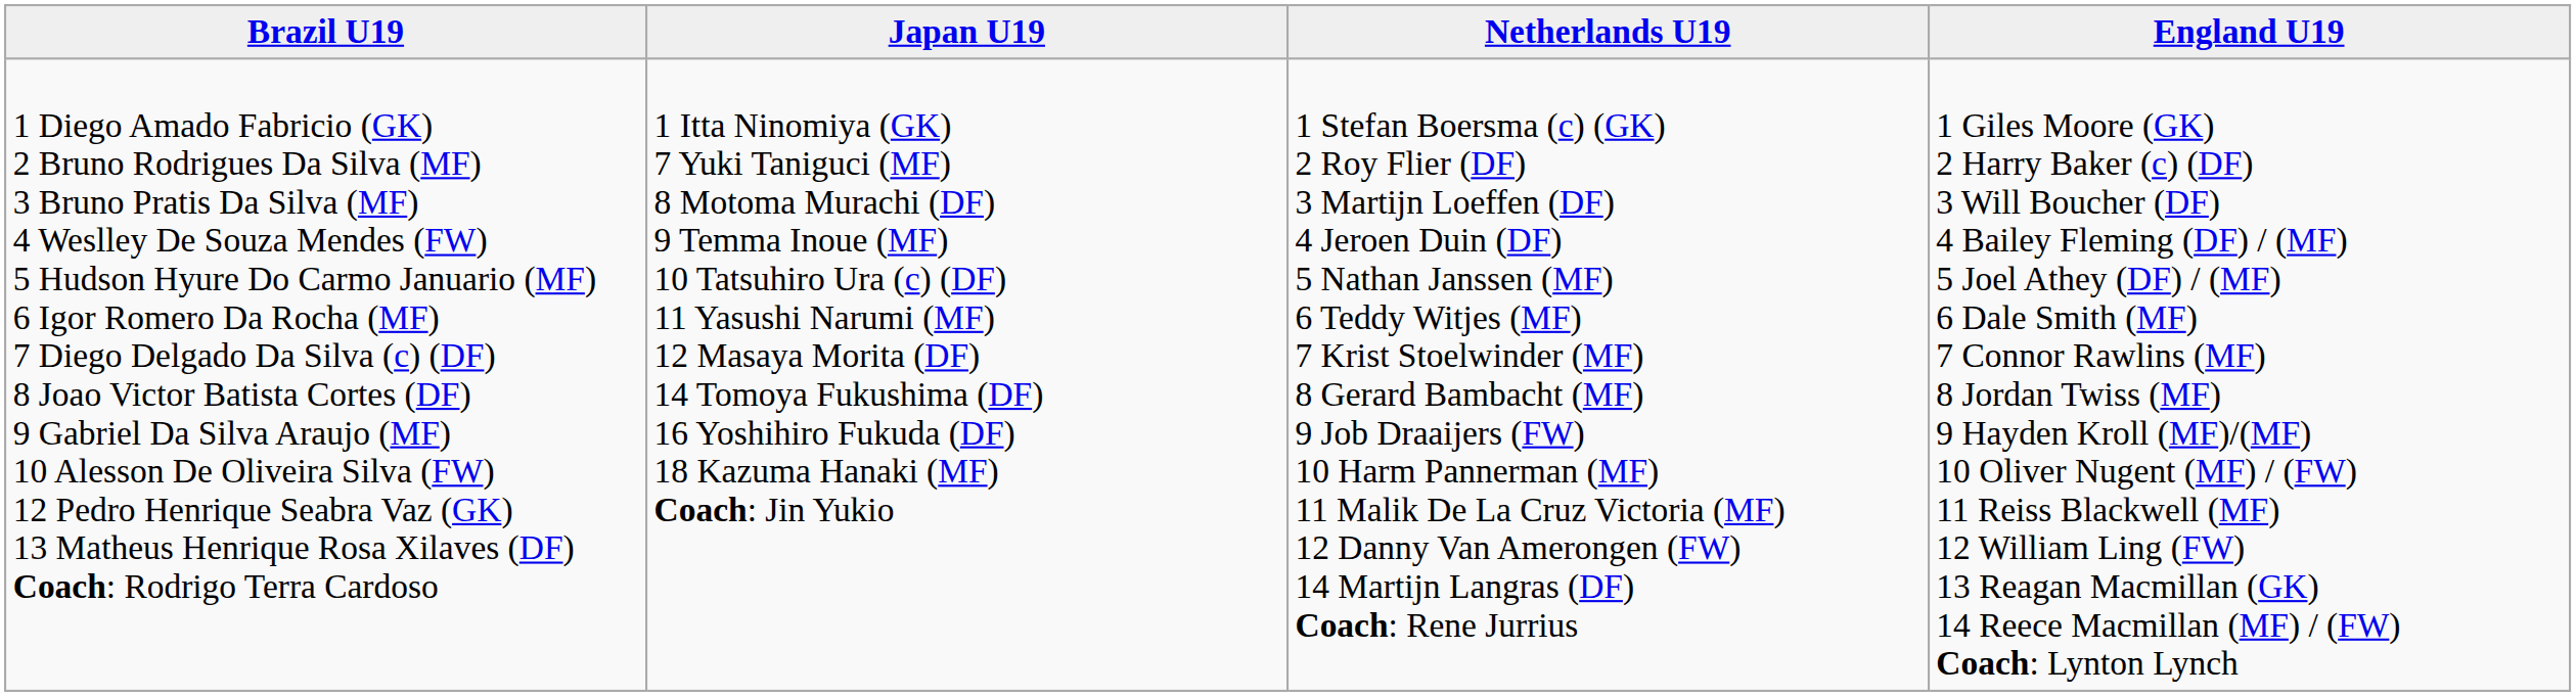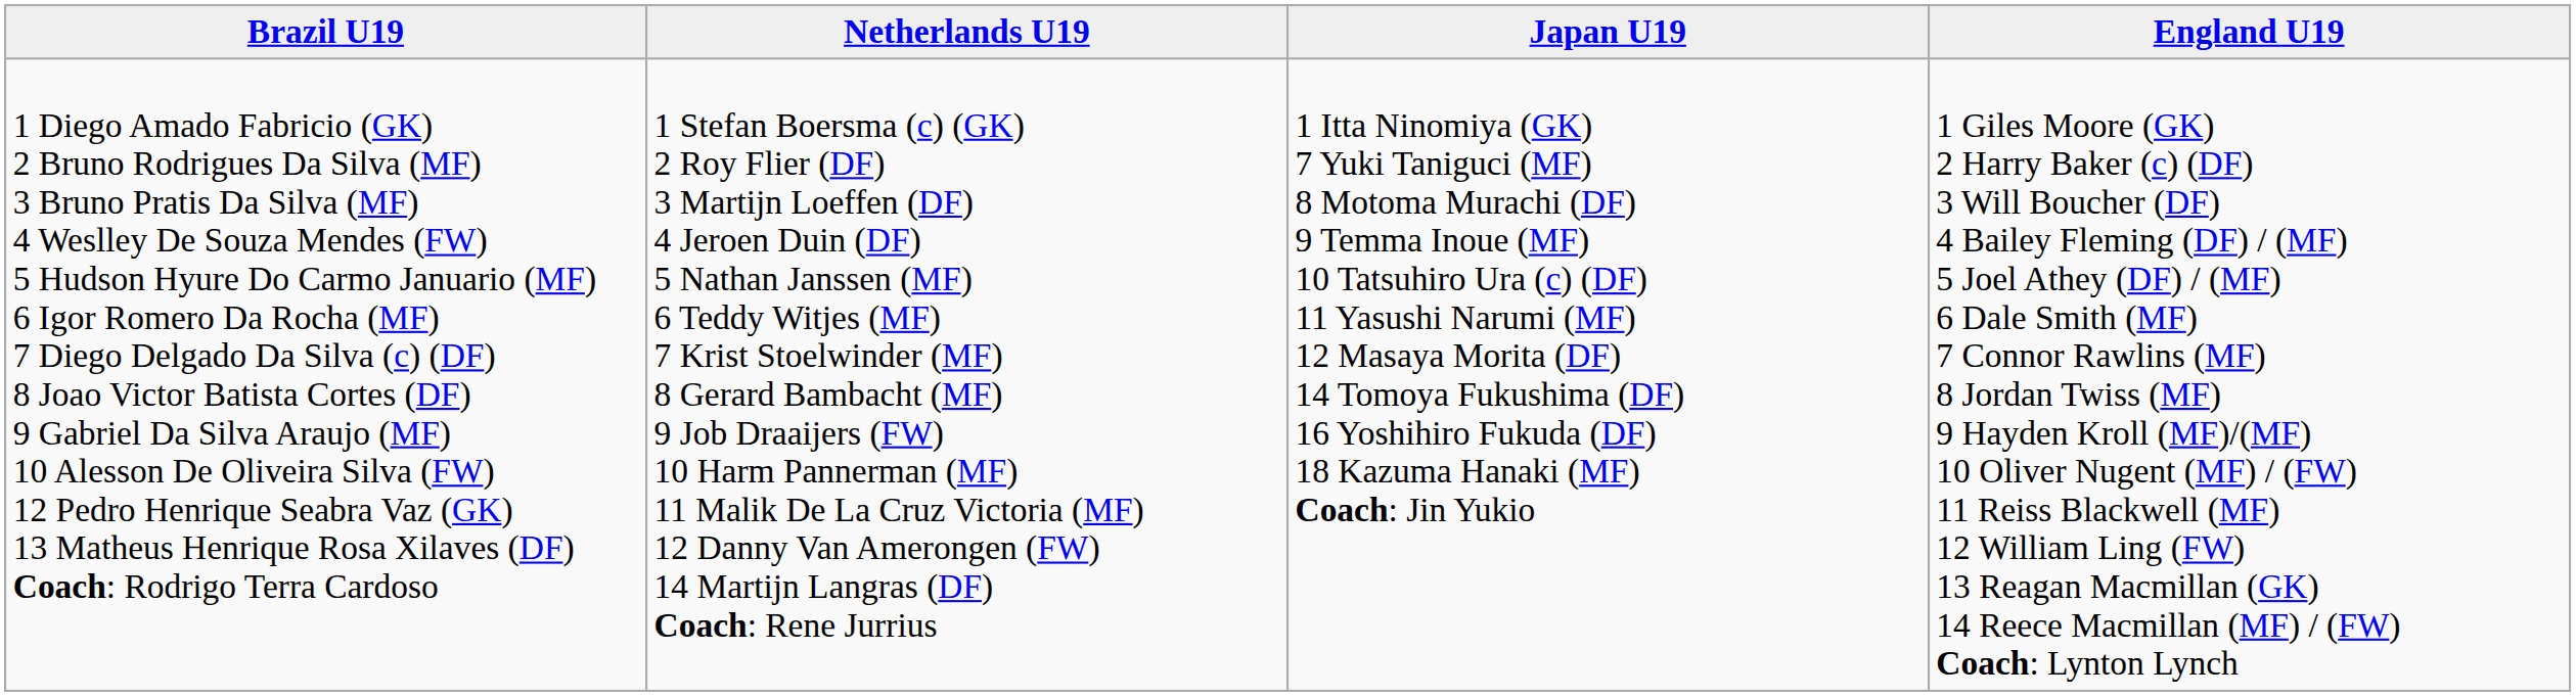 <table class="wikitable mw-collapsible mw-collapsed" cellpadding=5 cellspacing=0 style="width:95%">
 <tr align=center>
 <td bgcolor="#efefef" width="200"><strong> <a href='#'>Brazil U19</a></strong></td>
+<td bgcolor="#efefef" width="200"><strong> <a href='#'>Netherlands U19</a></strong></td>
 <td bgcolor="#efefef" width="200"><strong> <a href='#'>Japan U19</a></strong></td>
-<td bgcolor="#efefef" width="200"><strong> <a href='#'>Netherlands U19</a></strong></td>
 <td bgcolor="#efefef" width="200"><strong> <a href='#'>England U19</a></strong></td>
 </tr>
 <tr valign=top>
 <td><br>1 Diego Amado Fabricio (<a href='#'>GK</a>)<br> 2 Bruno Rodrigues Da Silva (<a href='#'>MF</a>)<br> 3 Bruno Pratis Da Silva (<a href='#'>MF</a>)<br> 4 Weslley De Souza Mendes (<a href='#'>FW</a>)<br> 5 Hudson Hyure Do Carmo Januario (<a href='#'>MF</a>)<br> 6 Igor Romero Da Rocha (<a href='#'>MF</a>)<br> 7 Diego Delgado Da Silva (<a href='#'>c</a>) (<a href='#'>DF</a>)<br> 8 Joao Victor Batista Cortes (<a href='#'>DF</a>)<br> 9 Gabriel Da Silva Araujo (<a href='#'>MF</a>)<br> 10 Alesson De Oliveira Silva (<a href='#'>FW</a>)<br> 12 Pedro Henrique Seabra Vaz (<a href='#'>GK</a>)<br> 13 Matheus Henrique Rosa Xilaves (<a href='#'>DF</a>)<br><strong>Coach</strong>: Rodrigo Terra Cardoso</td>
+<td><br>1 Stefan Boersma (<a href='#'>c</a>) (<a href='#'>GK</a>)<br> 2 Roy Flier (<a href='#'>DF</a>)<br> 3 Martijn Loeffen (<a href='#'>DF</a>)<br> 4 Jeroen Duin (<a href='#'>DF</a>)<br> 5 Nathan Janssen (<a href='#'>MF</a>)<br> 6 Teddy Witjes (<a href='#'>MF</a>)<br> 7 Krist Stoelwinder (<a href='#'>MF</a>)<br> 8 Gerard Bambacht (<a href='#'>MF</a>)<br> 9 Job Draaijers (<a href='#'>FW</a>)<br> 10 Harm Pannerman (<a href='#'>MF</a>)<br> 11 Malik De La Cruz Victoria (<a href='#'>MF</a>)<br> 12 Danny Van Amerongen (<a href='#'>FW</a>)<br> 14 Martijn Langras (<a href='#'>DF</a>)<br><strong>Coach</strong>: Rene Jurrius</td>
 <td><br>1 Itta Ninomiya (<a href='#'>GK</a>)<br> 7 Yuki Taniguci (<a href='#'>MF</a>)<br> 8 Motoma Murachi (<a href='#'>DF</a>)<br> 9 Temma Inoue (<a href='#'>MF</a>)<br> 10 Tatsuhiro Ura (<a href='#'>c</a>) (<a href='#'>DF</a>)<br> 11 Yasushi Narumi (<a href='#'>MF</a>)<br> 12 Masaya Morita (<a href='#'>DF</a>)<br> 14 Tomoya Fukushima (<a href='#'>DF</a>)<br> 16 Yoshihiro Fukuda (<a href='#'>DF</a>)<br> 18 Kazuma Hanaki (<a href='#'>MF</a>)<br><strong>Coach</strong>: Jin Yukio</td>
-<td><br>1 Stefan Boersma (<a href='#'>c</a>) (<a href='#'>GK</a>)<br> 2 Roy Flier (<a href='#'>DF</a>)<br> 3 Martijn Loeffen (<a href='#'>DF</a>)<br> 4 Jeroen Duin (<a href='#'>DF</a>)<br> 5 Nathan Janssen (<a href='#'>MF</a>)<br> 6 Teddy Witjes (<a href='#'>MF</a>)<br> 7 Krist Stoelwinder (<a href='#'>MF</a>)<br> 8 Gerard Bambacht (<a href='#'>MF</a>)<br> 9 Job Draaijers (<a href='#'>FW</a>)<br> 10 Harm Pannerman (<a href='#'>MF</a>)<br> 11 Malik De La Cruz Victoria (<a href='#'>MF</a>)<br> 12 Danny Van Amerongen (<a href='#'>FW</a>)<br> 14 Martijn Langras (<a href='#'>DF</a>)<br><strong>Coach</strong>: Rene Jurrius</td>
 <td><br>1 Giles Moore (<a href='#'>GK</a>)<br> 2 Harry Baker (<a href='#'>c</a>) (<a href='#'>DF</a>)<br> 3 Will Boucher (<a href='#'>DF</a>)<br> 4 Bailey Fleming (<a href='#'>DF</a>) / (<a href='#'>MF</a>)<br> 5 Joel Athey (<a href='#'>DF</a>) / (<a href='#'>MF</a>)<br> 6 Dale Smith (<a href='#'>MF</a>)<br> 7 Connor Rawlins (<a href='#'>MF</a>)<br> 8 Jordan Twiss (<a href='#'>MF</a>)<br> 9 Hayden Kroll (<a href='#'>MF</a>)/(<a href='#'>MF</a>)<br> 10 Oliver Nugent (<a href='#'>MF</a>) / (<a href='#'>FW</a>)<br> 11 Reiss Blackwell (<a href='#'>MF</a>)<br> 12 William Ling (<a href='#'>FW</a>)<br> 13 Reagan Macmillan (<a href='#'>GK</a>)<br> 14 Reece Macmillan (<a href='#'>MF</a>) / (<a href='#'>FW</a>)<br> <strong>Coach</strong>: Lynton Lynch</td>
 </tr>
 </table>
